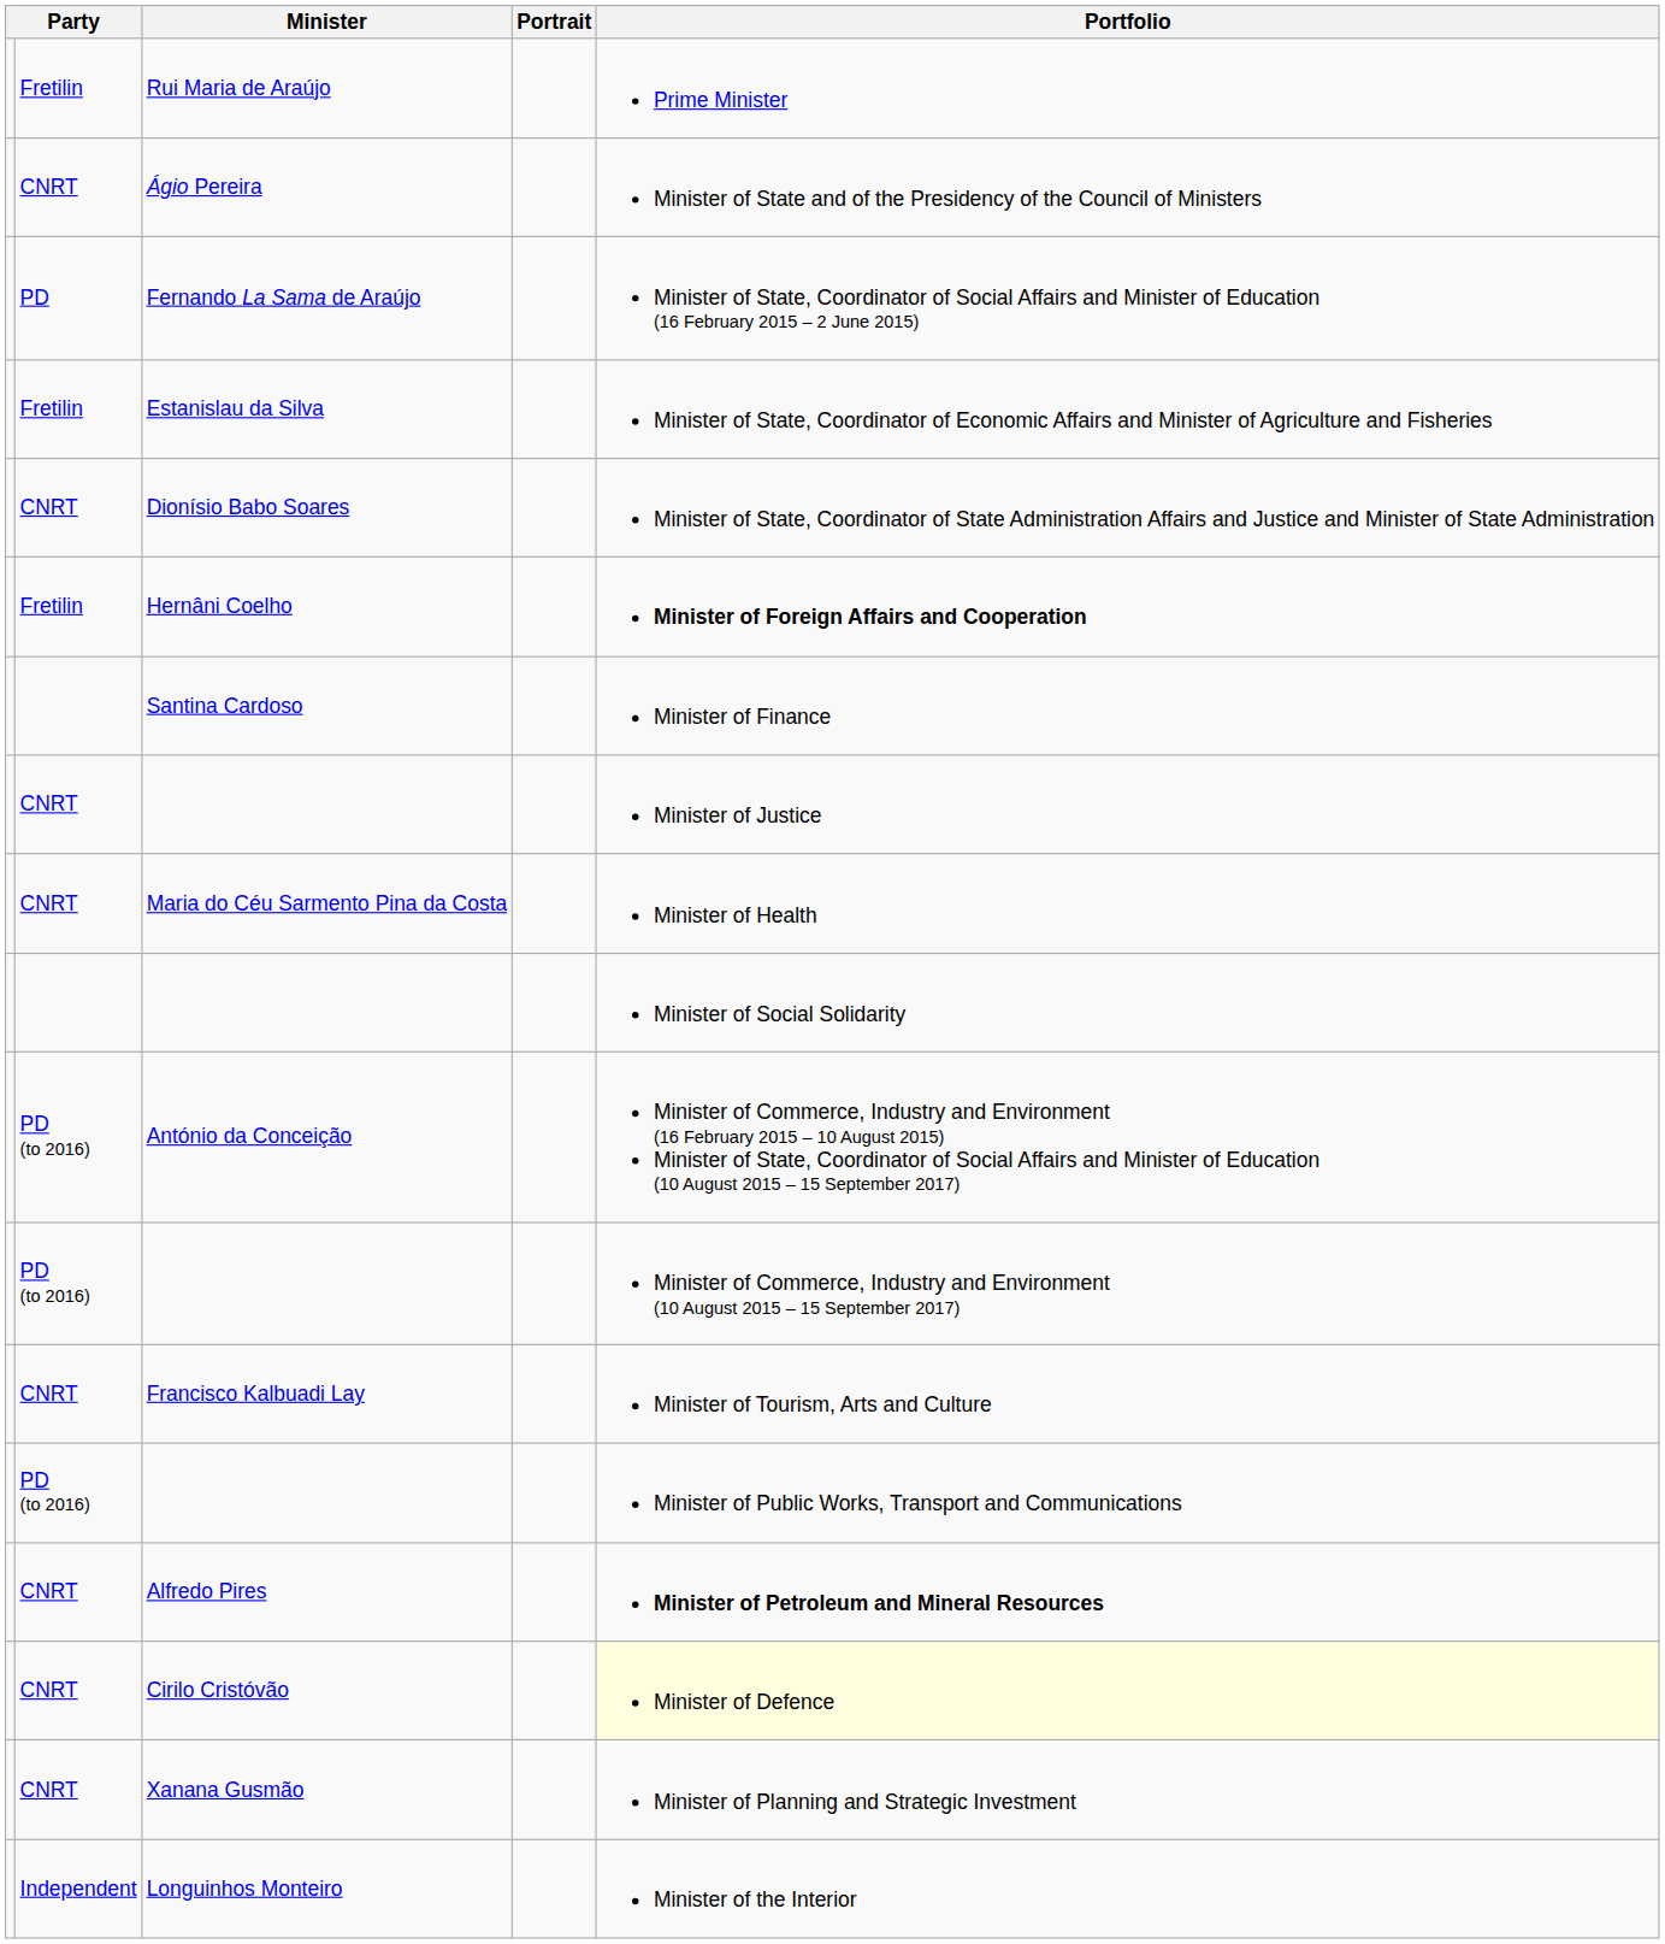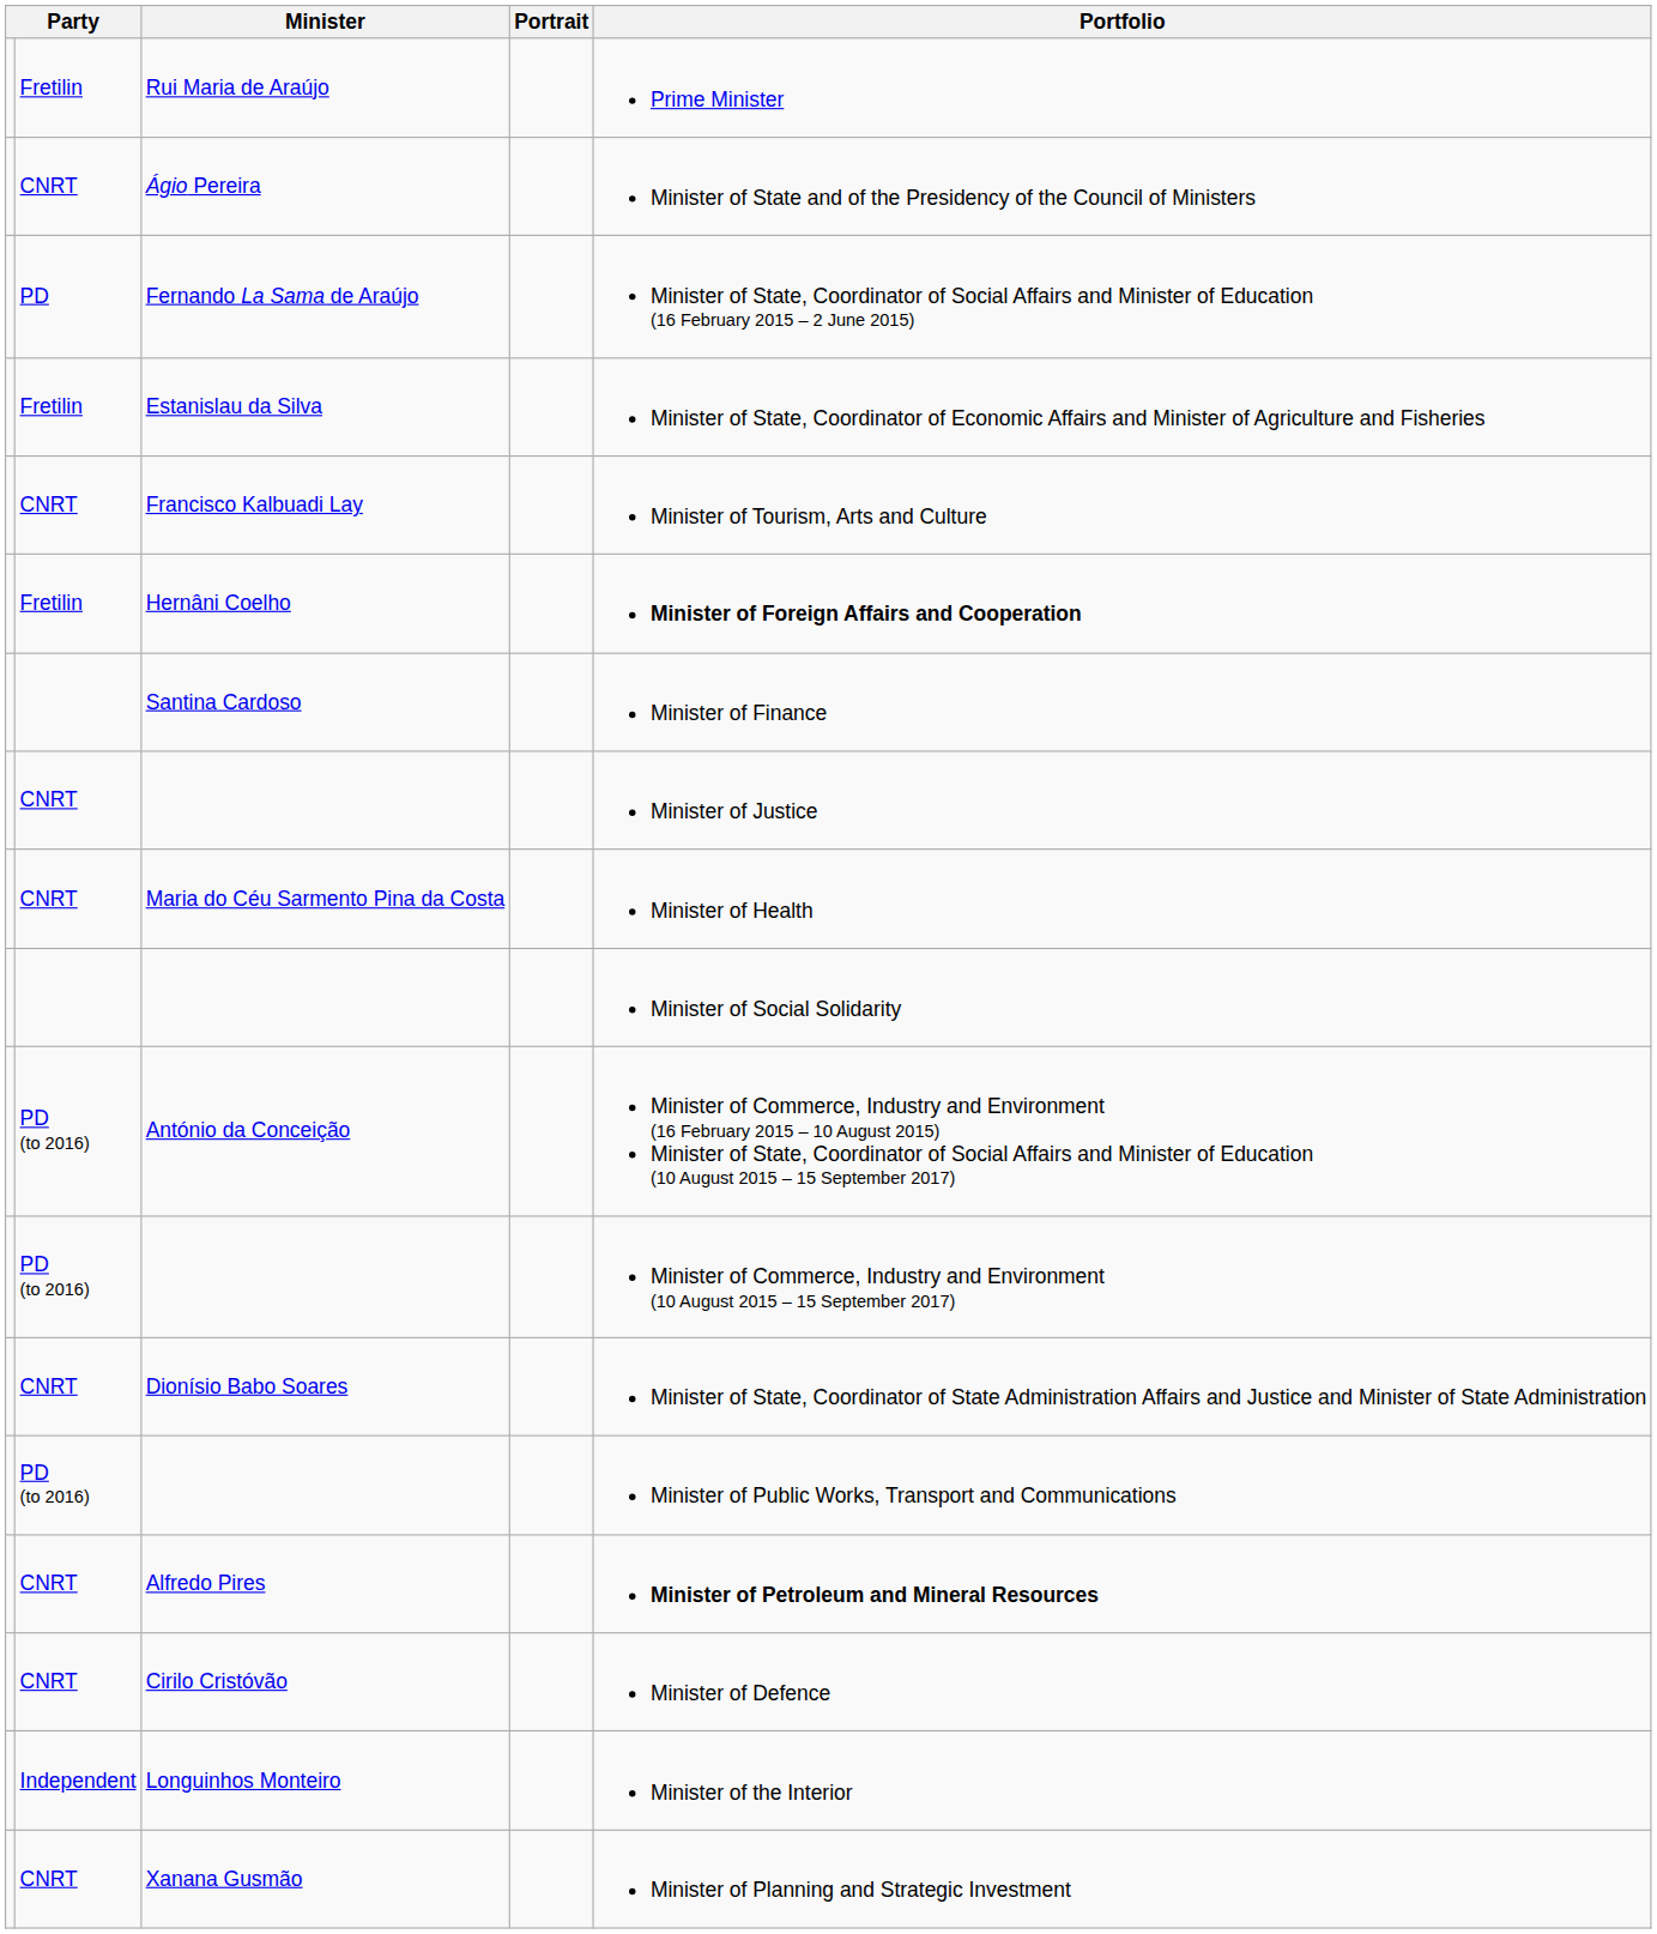 <table class="wikitable sortable">
 <tr>
 <th colspan="2">Party</th>
 <th>Minister</th>
 <th>Portrait</th>
 <th>Portfolio</th>
 </tr>
 <tr>
 <td style="background:"></td>
 <td><a href='#'>Fretilin</a></td>
 <td><a href='#'>Rui Maria de Araújo</a></td>
 <td></td>
 <td><br><ul><li><a href='#'>Prime Minister</a></li></ul></td>
 </tr>
 <tr>
 <td style="background:"></td>
 <td><a href='#'>CNRT</a></td>
 <td><a href='#'><em>Ágio</em> Pereira</a></td>
 <td></td>
 <td><br><ul><li>Minister of State and of the Presidency of the Council of Ministers</li></ul></td>
 </tr>
 <tr>
 <td style="background:"></td>
 <td><a href='#'>PD</a></td>
 <td><a href='#'>Fernando <em>La Sama</em> de Araújo</a></td>
 <td></td>
 <td><br><ul><li>Minister of State, Coordinator of Social Affairs and Minister of Education<br><small>(16 February 2015 – 2 June 2015)</small></li></ul></td>
 </tr>
 <tr>
 <td style="background:"></td>
 <td><a href='#'>Fretilin</a></td>
 <td><a href='#'>Estanislau da Silva</a></td>
 <td></td>
 <td><br><ul><li>Minister of State, Coordinator of Economic Affairs and Minister of Agriculture and Fisheries</li></ul></td>
 </tr>
 <tr>
 <td style="background:"></td>
 <td><a href='#'>CNRT</a></td>
-<td><a href='#'>Dionísio Babo Soares</a></td>
+<td><a href='#'>Francisco Kalbuadi Lay</a></td>
 <td></td>
-<td><br><ul><li>Minister of State, Coordinator of State Administration Affairs and Justice and Minister of State Administration</li></ul></td>
+<td><br><ul><li>Minister of Tourism, Arts and Culture</li></ul></td>
 </tr>
 <tr>
 <td style="background:"></td>
 <td><a href='#'>Fretilin</a></td>
 <td><a href='#'>Hernâni Coelho</a></td>
 <td></td>
 <td><strong><br><ul><li>Minister of Foreign Affairs and Cooperation</li></ul></strong></td>
 </tr>
 <tr>
 <td></td>
 <td></td>
 <td><a href='#'>Santina Cardoso</a></td>
 <td></td>
 <td><br><ul><li>Minister of Finance</li></ul></td>
 </tr>
 <tr>
 <td style="background:"></td>
 <td><a href='#'>CNRT</a></td>
 <td></td>
 <td></td>
 <td><br><ul><li>Minister of Justice</li></ul></td>
 </tr>
 <tr>
 <td style="background:"></td>
 <td><a href='#'>CNRT</a></td>
 <td><a href='#'>Maria do Céu Sarmento Pina da Costa</a></td>
 <td></td>
 <td><br><ul><li>Minister of Health</li></ul></td>
 </tr>
 <tr>
 <td></td>
 <td></td>
 <td></td>
 <td></td>
 <td><br><ul><li>Minister of Social Solidarity</li></ul></td>
 </tr>
 <tr>
 <td style="background:"></td>
 <td><a href='#'>PD</a><br><small>(to 2016)</small></td>
 <td><a href='#'>António da Conceição</a></td>
 <td></td>
 <td><br><ul><li>Minister of Commerce, Industry and Environment<br><small>(16 February 2015 – 10 August 2015)</small></li><li>Minister of State, Coordinator of Social Affairs and Minister of Education<br><small>(10 August 2015 – 15 September 2017)</small></li></ul></td>
 </tr>
 <tr>
 <td style="background:"></td>
 <td><a href='#'>PD</a><br><small>(to 2016)</small></td>
 <td></td>
 <td></td>
 <td><br><ul><li>Minister of Commerce, Industry and Environment<br><small>(10 August 2015 – 15 September 2017)</small></li></ul></td>
 </tr>
 <tr>
 <td style="background:"></td>
 <td><a href='#'>CNRT</a></td>
-<td><a href='#'>Francisco Kalbuadi Lay</a></td>
+<td><a href='#'>Dionísio Babo Soares</a></td>
 <td></td>
-<td><br><ul><li>Minister of Tourism, Arts and Culture</li></ul></td>
+<td><br><ul><li>Minister of State, Coordinator of State Administration Affairs and Justice and Minister of State Administration</li></ul></td>
 </tr>
 <tr>
 <td style="background:"></td>
 <td><a href='#'>PD</a><br><small>(to 2016)</small></td>
 <td></td>
 <td></td>
 <td><br><ul><li>Minister of Public Works, Transport and Communications</li></ul></td>
 </tr>
 <tr>
 <td style="background:"></td>
 <td><a href='#'>CNRT</a></td>
 <td><a href='#'>Alfredo Pires</a></td>
 <td></td>
 <td><strong><br><ul><li>Minister of Petroleum and Mineral Resources</li></ul></strong></td>
 </tr>
 <tr>
 <td style="background:"></td>
 <td><a href='#'>CNRT</a></td>
 <td><a href='#'>Cirilo Cristóvão</a></td>
 <td></td>
-<td style="background: lightyellow;"><br><ul><li>Minister of Defence</li></ul></td>
+<td><br><ul><li>Minister of Defence</li></ul></td>
+</tr>
+<tr>
+<td style="background:"></td>
+<td><a href='#'>Independent</a></td>
+<td><a href='#'>Longuinhos Monteiro</a></td>
+<td></td>
+<td><br><ul><li>Minister of the Interior</li></ul></td>
 </tr>
 <tr>
 <td style="background:"></td>
 <td><a href='#'>CNRT</a></td>
 <td><a href='#'>Xanana Gusmão</a></td>
 <td></td>
 <td><br><ul><li>Minister of Planning and Strategic Investment</li></ul></td>
 </tr>
-<tr>
-<td style="background:"></td>
-<td><a href='#'>Independent</a></td>
-<td><a href='#'>Longuinhos Monteiro</a></td>
-<td></td>
-<td><br><ul><li>Minister of the Interior</li></ul></td>
-</tr>
 </table>
